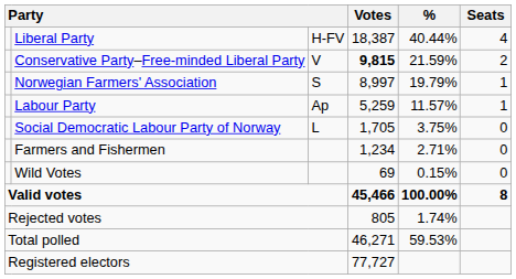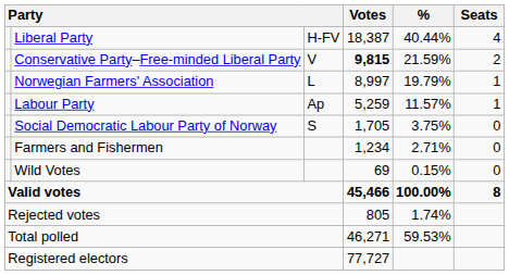 <table class="wikitable" border="1" style="text-align:right;">
 <tr>
 <th style="text-align:left;" colspan=3>Party</th>
 <th align=center width="50">Votes</th>
 <th align=center width="50">%</th>
 <th align=center width="50">Seats</th>
 </tr>
 <tr>
 <td style="color:inherit;background:"></td>
 <td align=left><a href='#'>Liberal Party</a></td>
 <td align=left>H-FV</td>
 <td>18,387</td>
 <td>40.44%</td>
 <td>4</td>
 </tr>
 <tr>
 <td></td>
 <td align=left><a href='#'>Conservative Party</a>–<a href='#'>Free-minded Liberal Party</a></td>
 <td align=left>V</td>
 <td><strong>9,815</strong></td>
 <td>21.59%</td>
 <td>2</td>
 </tr>
 <tr>
 <td style="color:inherit;background:"></td>
 <td align=left><a href='#'>Norwegian Farmers' Association</a></td>
-<td align=left>S</td>
+<td align=left>L</td>
 <td>8,997</td>
 <td>19.79%</td>
 <td>1</td>
 </tr>
 <tr>
 <td style="color:inherit;background:"></td>
 <td align=left><a href='#'>Labour Party</a></td>
 <td align=left>Ap</td>
 <td>5,259</td>
 <td>11.57%</td>
 <td>1</td>
 </tr>
 <tr>
 <td style="color:inherit;background:"></td>
 <td align=left><a href='#'>Social Democratic Labour Party of Norway</a></td>
-<td align=left>L</td>
+<td align=left>S</td>
 <td>1,705</td>
 <td>3.75%</td>
 <td>0</td>
 </tr>
 <tr>
 <td></td>
 <td align=left>Farmers and Fishermen</td>
 <td align=left></td>
 <td>1,234</td>
 <td>2.71%</td>
 <td>0</td>
 </tr>
 <tr>
 <td></td>
 <td align=left>Wild Votes</td>
 <td align=left></td>
 <td>69</td>
 <td>0.15%</td>
 <td>0</td>
 </tr>
 <tr style="font-weight:bold">
 <td align=left colspan=3>Valid votes</td>
 <td>45,466</td>
 <td>100.00%</td>
 <td>8</td>
 </tr>
 <tr>
 <td align=left colspan=3>Rejected votes</td>
 <td>805</td>
 <td>1.74%</td>
 <td></td>
 </tr>
 <tr>
 <td align=left colspan=3>Total polled</td>
 <td>46,271</td>
 <td>59.53%</td>
 <td></td>
 </tr>
 <tr>
 <td align=left colspan=3>Registered electors</td>
 <td>77,727</td>
 <td></td>
 <td></td>
 </tr>
 </table>
